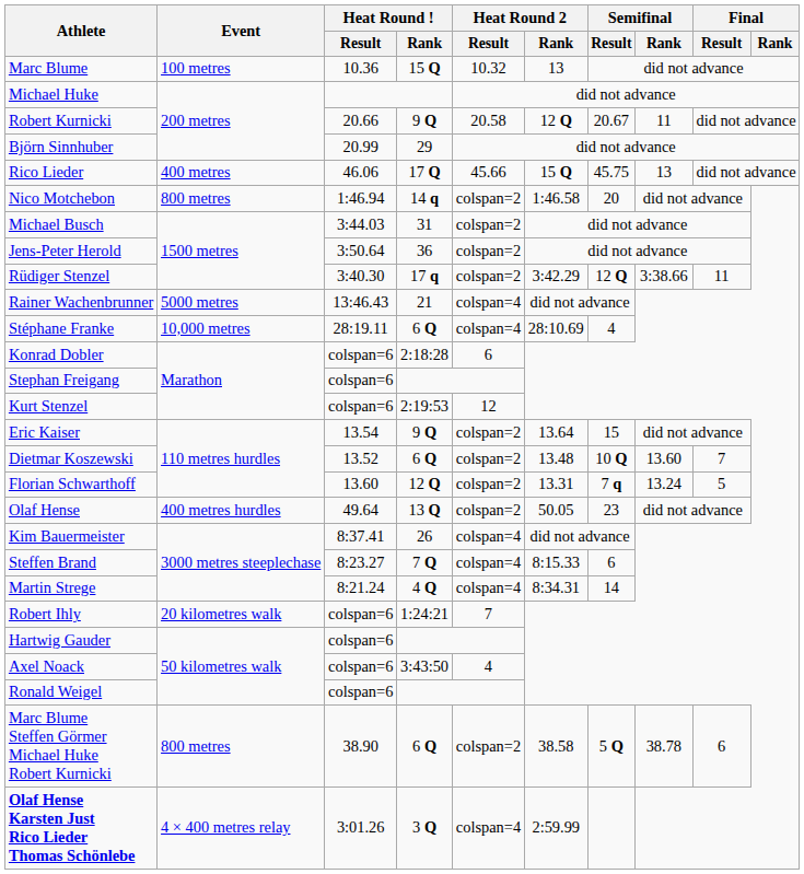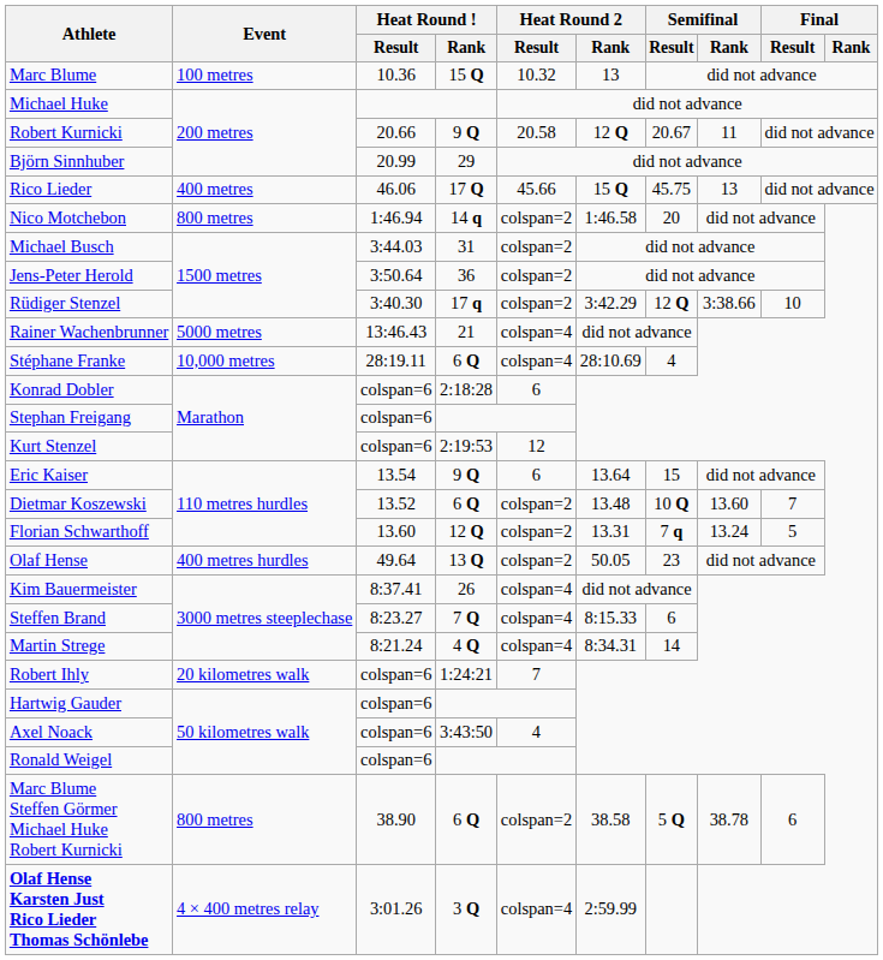 <table class=wikitable style=font-size:90%>
 <tr>
 <th rowspan=2>Athlete</th>
 <th rowspan=2>Event</th>
 <th colspan=2>Heat Round !</th>
 <th colspan=2>Heat Round 2</th>
 <th colspan=2>Semifinal</th>
 <th colspan=2>Final</th>
 </tr>
 <tr style=font-size:95%>
 <th>Result</th>
 <th>Rank</th>
 <th>Result</th>
 <th>Rank</th>
 <th>Result</th>
 <th>Rank</th>
 <th>Result</th>
 <th>Rank</th>
 </tr>
 <tr align=center>
 <td align=left><a href='#'>Marc Blume</a></td>
 <td align=left><a href='#'>100 metres</a></td>
 <td>10.36</td>
 <td>15 <strong>Q</strong></td>
 <td>10.32</td>
 <td>13</td>
 <td colspan=4>did not advance</td>
 </tr>
 <tr align=center>
 <td align=left><a href='#'>Michael Huke</a></td>
 <td align=left rowspan=3><a href='#'>200 metres</a></td>
 <td colspan=2></td>
 <td colspan=6>did not advance</td>
 </tr>
 <tr align=center>
 <td align=left><a href='#'>Robert Kurnicki</a></td>
 <td>20.66</td>
 <td>9 <strong>Q</strong></td>
 <td>20.58</td>
 <td>12 <strong>Q</strong></td>
 <td>20.67</td>
 <td>11</td>
 <td colspan=2>did not advance</td>
 </tr>
 <tr align=center>
 <td align=left><a href='#'>Björn Sinnhuber</a></td>
 <td>20.99</td>
 <td>29</td>
 <td colspan=6>did not advance</td>
 </tr>
 <tr align=center>
 <td align=left><a href='#'>Rico Lieder</a></td>
 <td align=left><a href='#'>400 metres</a></td>
 <td>46.06</td>
 <td>17 <strong>Q</strong></td>
 <td>45.66</td>
 <td>15 <strong>Q</strong></td>
 <td>45.75</td>
 <td>13</td>
 <td colspan=2>did not advance</td>
 </tr>
 <tr align=center>
 <td align=left><a href='#'>Nico Motchebon</a></td>
 <td align=left><a href='#'>800 metres</a></td>
 <td>1:46.94</td>
 <td>14 <strong>q</strong></td>
 <td>colspan=2</td>
 <td>1:46.58</td>
 <td>20</td>
 <td colspan=2>did not advance</td>
 </tr>
 <tr align=center>
 <td align=left><a href='#'>Michael Busch</a></td>
 <td align=left rowspan=3><a href='#'>1500 metres</a></td>
 <td>3:44.03</td>
 <td>31</td>
 <td>colspan=2</td>
 <td colspan=4>did not advance</td>
 </tr>
 <tr align=center>
 <td align=left><a href='#'>Jens-Peter Herold</a></td>
 <td>3:50.64</td>
 <td>36</td>
 <td>colspan=2</td>
 <td colspan=4>did not advance</td>
 </tr>
 <tr align=center>
 <td align=left><a href='#'>Rüdiger Stenzel</a></td>
 <td>3:40.30</td>
 <td>17 <strong>q</strong></td>
 <td>colspan=2</td>
 <td>3:42.29</td>
 <td>12 <strong>Q</strong></td>
 <td>3:38.66</td>
-<td>11</td>
+<td>10</td>
 </tr>
 <tr align=center>
 <td align=left><a href='#'>Rainer Wachenbrunner</a></td>
 <td align=left><a href='#'>5000 metres</a></td>
 <td>13:46.43</td>
 <td>21</td>
 <td>colspan=4</td>
 <td colspan=2>did not advance</td>
 </tr>
 <tr align=center>
 <td align=left><a href='#'>Stéphane Franke</a></td>
 <td align=left><a href='#'>10,000 metres</a></td>
 <td>28:19.11</td>
 <td>6 <strong>Q</strong></td>
 <td>colspan=4</td>
 <td>28:10.69</td>
 <td>4</td>
 </tr>
 <tr align=center>
 <td align=left><a href='#'>Konrad Dobler</a></td>
 <td align=left rowspan=3><a href='#'>Marathon</a></td>
 <td>colspan=6</td>
 <td>2:18:28</td>
 <td>6</td>
 </tr>
 <tr align=center>
 <td align=left><a href='#'>Stephan Freigang</a></td>
 <td>colspan=6</td>
 <td colspan=2></td>
 </tr>
 <tr align=center>
 <td align=left><a href='#'>Kurt Stenzel</a></td>
 <td>colspan=6</td>
 <td>2:19:53</td>
 <td>12</td>
 </tr>
 <tr align=center>
 <td align=left><a href='#'>Eric Kaiser</a></td>
 <td align=left rowspan=3><a href='#'>110 metres hurdles</a></td>
 <td>13.54</td>
 <td>9 <strong>Q</strong></td>
-<td>colspan=2</td>
+<td>6</td>
 <td>13.64</td>
 <td>15</td>
 <td colspan=2>did not advance</td>
 </tr>
 <tr align=center>
 <td align=left><a href='#'>Dietmar Koszewski</a></td>
 <td>13.52</td>
 <td>6 <strong>Q</strong></td>
 <td>colspan=2</td>
 <td>13.48</td>
 <td>10 <strong>Q</strong></td>
 <td>13.60</td>
 <td>7</td>
 </tr>
 <tr align=center>
 <td align=left><a href='#'>Florian Schwarthoff</a></td>
 <td>13.60</td>
 <td>12 <strong>Q</strong></td>
 <td>colspan=2</td>
 <td>13.31</td>
 <td>7 <strong>q</strong></td>
 <td>13.24</td>
 <td>5</td>
 </tr>
 <tr align=center>
 <td align=left><a href='#'>Olaf Hense</a></td>
 <td align=left><a href='#'>400 metres hurdles</a></td>
 <td>49.64</td>
 <td>13 <strong>Q</strong></td>
 <td>colspan=2</td>
 <td>50.05</td>
 <td>23</td>
 <td colspan=2>did not advance</td>
 </tr>
 <tr align=center>
 <td align=left><a href='#'>Kim Bauermeister</a></td>
 <td align=left rowspan=3><a href='#'>3000 metres steeplechase</a></td>
 <td>8:37.41</td>
 <td>26</td>
 <td>colspan=4</td>
 <td colspan=2>did not advance</td>
 </tr>
 <tr align=center>
 <td align=left><a href='#'>Steffen Brand</a></td>
 <td>8:23.27</td>
 <td>7 <strong>Q</strong></td>
 <td>colspan=4</td>
 <td>8:15.33</td>
 <td>6</td>
 </tr>
 <tr align=center>
 <td align=left><a href='#'>Martin Strege</a></td>
 <td>8:21.24</td>
 <td>4 <strong>Q</strong></td>
 <td>colspan=4</td>
 <td>8:34.31</td>
 <td>14</td>
 </tr>
 <tr align=center>
 <td align=left><a href='#'>Robert Ihly</a></td>
 <td align=left><a href='#'>20 kilometres walk</a></td>
 <td>colspan=6</td>
 <td>1:24:21</td>
 <td>7</td>
 </tr>
 <tr align=center>
 <td align=left><a href='#'>Hartwig Gauder</a></td>
 <td align=left rowspan=3><a href='#'>50 kilometres walk</a></td>
 <td>colspan=6</td>
 <td colspan=2></td>
 </tr>
 <tr align=center>
 <td align=left><a href='#'>Axel Noack</a></td>
 <td>colspan=6</td>
 <td>3:43:50</td>
 <td>4</td>
 </tr>
 <tr align=center>
 <td align=left><a href='#'>Ronald Weigel</a></td>
 <td>colspan=6</td>
 <td colspan=2></td>
 </tr>
 <tr align=center>
 <td align=left><a href='#'>Marc Blume</a><br><a href='#'>Steffen Görmer</a><br><a href='#'>Michael Huke</a><br><a href='#'>Robert Kurnicki</a></td>
 <td align=left><a href='#'>800 metres</a></td>
 <td>38.90</td>
 <td>6 <strong>Q</strong></td>
 <td>colspan=2</td>
 <td>38.58</td>
 <td>5 <strong>Q</strong></td>
 <td>38.78</td>
 <td>6</td>
 </tr>
 <tr align=center>
 <td align=left><strong><a href='#'>Olaf Hense</a><br><a href='#'>Karsten Just</a><br><a href='#'>Rico Lieder</a><br><a href='#'>Thomas Schönlebe</a></strong></td>
 <td align=left><a href='#'>4 × 400 metres relay</a></td>
 <td>3:01.26</td>
 <td>3 <strong>Q</strong></td>
 <td>colspan=4</td>
 <td>2:59.99</td>
 <td></td>
 </tr>
 </table>
